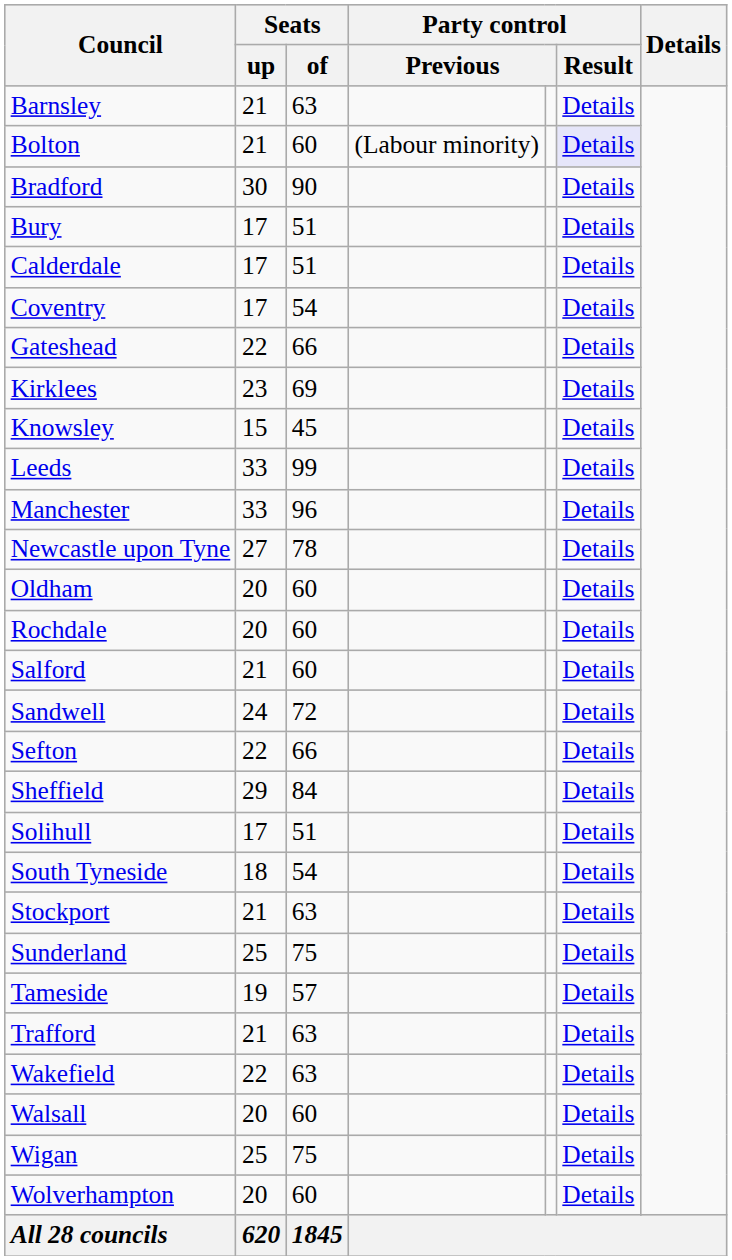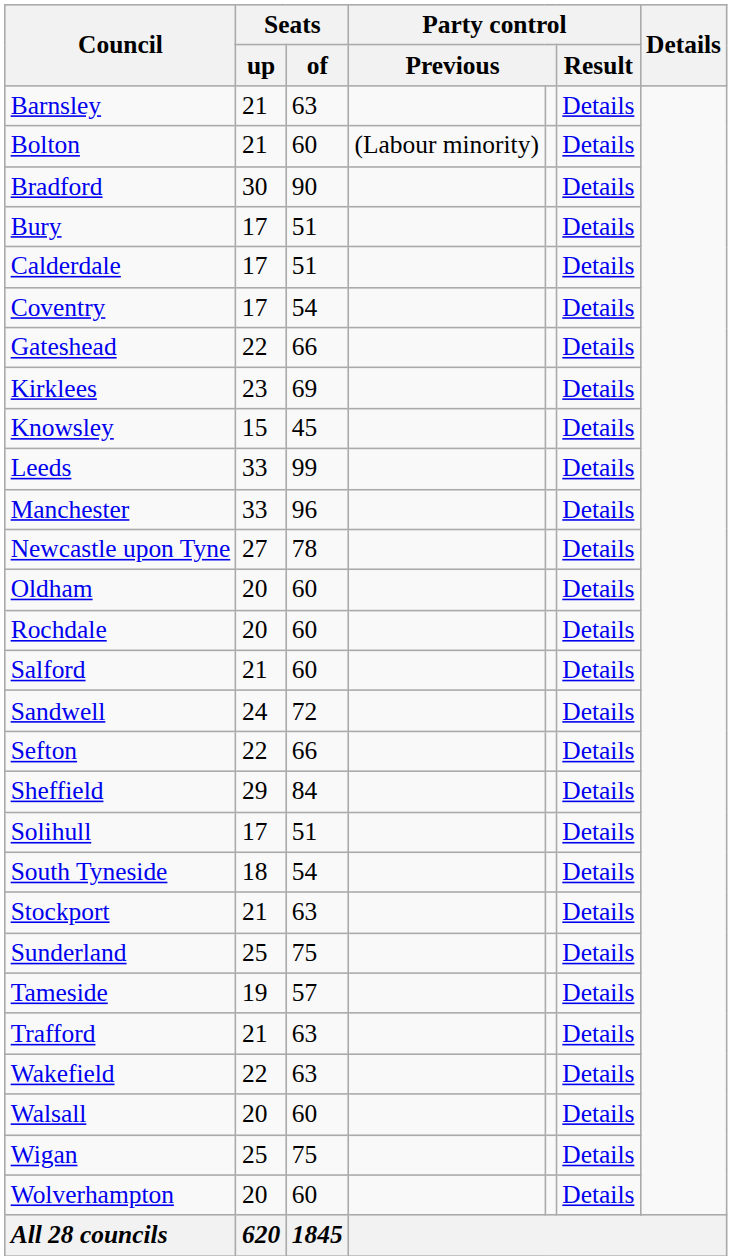 <table class="wikitable sortable">
 <tr>
 <th rowspan="2">Council</th>
 <th colspan="2">Seats</th>
 <th colspan="4">Party control</th>
 <th rowspan="2">Details</th>
 </tr>
 <tr>
 <th>up</th>
 <th>of</th>
 <th colspan="2">Previous</th>
 <th colspan="2">Result</th>
 </tr>
 <tr>
 <td><a href='#'>Barnsley</a></td>
 <td>21</td>
 <td>63</td>
 <td></td>
 <td></td>
 <td><a href='#'>Details</a></td>
 </tr>
 <tr>
 <td><a href='#'>Bolton</a></td>
 <td>21</td>
 <td>60</td>
 <td> (Labour minority)</td>
 <td></td>
-<td style="background: lavender;"><a href='#'>Details</a></td>
+<td><a href='#'>Details</a></td>
 </tr>
 <tr>
 <td><a href='#'>Bradford</a></td>
 <td>30</td>
 <td>90</td>
 <td></td>
 <td></td>
 <td><a href='#'>Details</a></td>
 </tr>
 <tr>
 <td><a href='#'>Bury</a></td>
 <td>17</td>
 <td>51</td>
 <td></td>
 <td></td>
 <td><a href='#'>Details</a></td>
 </tr>
 <tr>
 <td><a href='#'>Calderdale</a></td>
 <td>17</td>
 <td>51</td>
 <td></td>
 <td></td>
 <td><a href='#'>Details</a></td>
 </tr>
 <tr>
 <td><a href='#'>Coventry</a></td>
 <td>17</td>
 <td>54</td>
 <td></td>
 <td></td>
 <td><a href='#'>Details</a></td>
 </tr>
 <tr>
 <td><a href='#'>Gateshead</a></td>
 <td>22</td>
 <td>66</td>
 <td></td>
 <td></td>
 <td><a href='#'>Details</a></td>
 </tr>
 <tr>
 <td><a href='#'>Kirklees</a></td>
 <td>23</td>
 <td>69</td>
 <td></td>
 <td></td>
 <td><a href='#'>Details</a></td>
 </tr>
 <tr>
 <td><a href='#'>Knowsley</a></td>
 <td>15</td>
 <td>45</td>
 <td></td>
 <td></td>
 <td><a href='#'>Details</a></td>
 </tr>
 <tr>
 <td><a href='#'>Leeds</a></td>
 <td>33</td>
 <td>99</td>
 <td></td>
 <td></td>
 <td><a href='#'>Details</a></td>
 </tr>
 <tr>
 <td><a href='#'>Manchester</a></td>
 <td>33</td>
 <td>96</td>
 <td></td>
 <td></td>
 <td><a href='#'>Details</a></td>
 </tr>
 <tr>
 <td><a href='#'>Newcastle upon Tyne</a></td>
 <td>27</td>
 <td>78</td>
 <td></td>
 <td></td>
 <td><a href='#'>Details</a></td>
 </tr>
 <tr>
 <td><a href='#'>Oldham</a></td>
 <td>20</td>
 <td>60</td>
 <td></td>
 <td></td>
 <td><a href='#'>Details</a></td>
 </tr>
 <tr>
 <td><a href='#'>Rochdale</a></td>
 <td>20</td>
 <td>60</td>
 <td></td>
 <td></td>
 <td><a href='#'>Details</a></td>
 </tr>
 <tr>
 <td><a href='#'>Salford</a></td>
 <td>21</td>
 <td>60</td>
 <td></td>
 <td></td>
 <td><a href='#'>Details</a></td>
 </tr>
 <tr>
 <td><a href='#'>Sandwell</a></td>
 <td>24</td>
 <td>72</td>
 <td></td>
 <td></td>
 <td><a href='#'>Details</a></td>
 </tr>
 <tr>
 <td><a href='#'>Sefton</a></td>
 <td>22</td>
 <td>66</td>
 <td></td>
 <td></td>
 <td><a href='#'>Details</a></td>
 </tr>
 <tr>
 <td><a href='#'>Sheffield</a></td>
 <td>29</td>
 <td>84</td>
 <td></td>
 <td></td>
 <td><a href='#'>Details</a></td>
 </tr>
 <tr>
 <td><a href='#'>Solihull</a></td>
 <td>17</td>
 <td>51</td>
 <td></td>
 <td></td>
 <td><a href='#'>Details</a></td>
 </tr>
 <tr>
 <td><a href='#'>South Tyneside</a></td>
 <td>18</td>
 <td>54</td>
 <td></td>
 <td></td>
 <td><a href='#'>Details</a></td>
 </tr>
 <tr>
 <td><a href='#'>Stockport</a></td>
 <td>21</td>
 <td>63</td>
 <td></td>
 <td></td>
 <td><a href='#'>Details</a></td>
 </tr>
 <tr>
 <td><a href='#'>Sunderland</a></td>
 <td>25</td>
 <td>75</td>
 <td></td>
 <td></td>
 <td><a href='#'>Details</a></td>
 </tr>
 <tr>
 <td><a href='#'>Tameside</a></td>
 <td>19</td>
 <td>57</td>
 <td></td>
 <td></td>
 <td><a href='#'>Details</a></td>
 </tr>
 <tr>
 <td><a href='#'>Trafford</a></td>
 <td>21</td>
 <td>63</td>
 <td></td>
 <td></td>
 <td><a href='#'>Details</a></td>
 </tr>
 <tr>
 <td><a href='#'>Wakefield</a></td>
 <td>22</td>
 <td>63</td>
 <td></td>
 <td></td>
 <td><a href='#'>Details</a></td>
 </tr>
 <tr>
 <td><a href='#'>Walsall</a></td>
 <td>20</td>
 <td>60</td>
 <td></td>
 <td></td>
 <td><a href='#'>Details</a></td>
 </tr>
 <tr>
 <td><a href='#'>Wigan</a></td>
 <td>25</td>
 <td>75</td>
 <td></td>
 <td></td>
 <td><a href='#'>Details</a></td>
 </tr>
 <tr>
 <td><a href='#'>Wolverhampton</a></td>
 <td>20</td>
 <td>60</td>
 <td></td>
 <td></td>
 <td><a href='#'>Details</a></td>
 </tr>
 <tr class="sortbottom">
 <th style="text-align:left;"><em>All 28 councils</em></th>
 <th><em>620</em></th>
 <th><em>1845</em></th>
 <th colspan="5"></th>
 </tr>
 </table>
